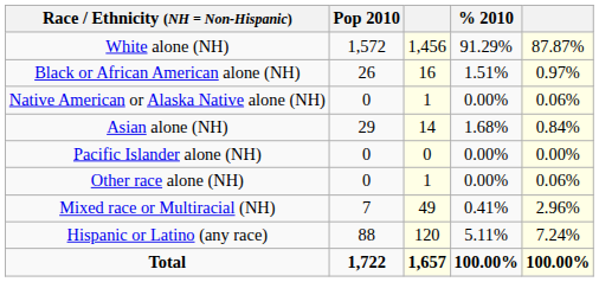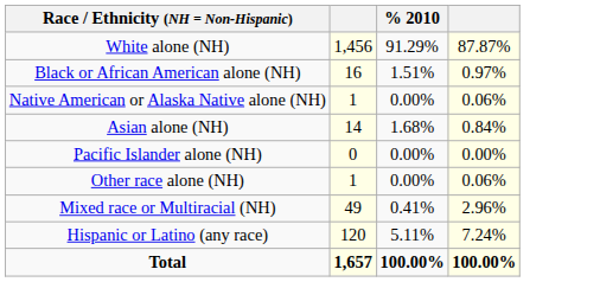 <table class="wikitable" style="text-align:center;">
 <tr>
 <th>Race / Ethnicity <small>(<em>NH = Non-Hispanic</em>)</small></th>
-<th>Pop 2010</th>
 <th></th>
 <th>% 2010</th>
 <th></th>
 </tr>
 <tr>
 <td><a href='#'>White</a> alone (NH)</td>
-<td>1,572</td>
 <td style='background: #ffffe6;'>1,456</td>
 <td>91.29%</td>
 <td style='background: #ffffe6;'>87.87%</td>
 </tr>
 <tr>
 <td><a href='#'>Black or African American</a> alone (NH)</td>
-<td>26</td>
 <td style='background: #ffffe6;'>16</td>
 <td>1.51%</td>
 <td style='background: #ffffe6;'>0.97%</td>
 </tr>
 <tr>
 <td><a href='#'>Native American</a> or <a href='#'>Alaska Native</a> alone (NH)</td>
-<td>0</td>
 <td style='background: #ffffe6;'>1</td>
 <td>0.00%</td>
 <td style='background: #ffffe6;'>0.06%</td>
 </tr>
 <tr>
 <td><a href='#'>Asian</a> alone (NH)</td>
-<td>29</td>
 <td style='background: #ffffe6;'>14</td>
 <td>1.68%</td>
 <td style='background: #ffffe6;'>0.84%</td>
 </tr>
 <tr>
 <td><a href='#'>Pacific Islander</a> alone (NH)</td>
-<td>0</td>
 <td style='background: #ffffe6;'>0</td>
 <td>0.00%</td>
 <td style='background: #ffffe6;'>0.00%</td>
 </tr>
 <tr>
 <td><a href='#'>Other race</a> alone (NH)</td>
-<td>0</td>
 <td style='background: #ffffe6;'>1</td>
 <td>0.00%</td>
 <td style='background: #ffffe6;'>0.06%</td>
 </tr>
 <tr>
 <td><a href='#'>Mixed race or Multiracial</a> (NH)</td>
-<td>7</td>
 <td style='background: #ffffe6;'>49</td>
 <td>0.41%</td>
 <td style='background: #ffffe6;'>2.96%</td>
 </tr>
 <tr>
 <td><a href='#'>Hispanic or Latino</a> (any race)</td>
-<td>88</td>
 <td style='background: #ffffe6;'>120</td>
 <td>5.11%</td>
 <td style='background: #ffffe6;'>7.24%</td>
 </tr>
 <tr>
 <td><strong>Total</strong></td>
-<td><strong>1,722</strong></td>
 <td style='background: #ffffe6;'><strong>1,657</strong></td>
 <td><strong>100.00%</strong></td>
 <td style='background: #ffffe6;'><strong>100.00%</strong></td>
 </tr>
 </table>
